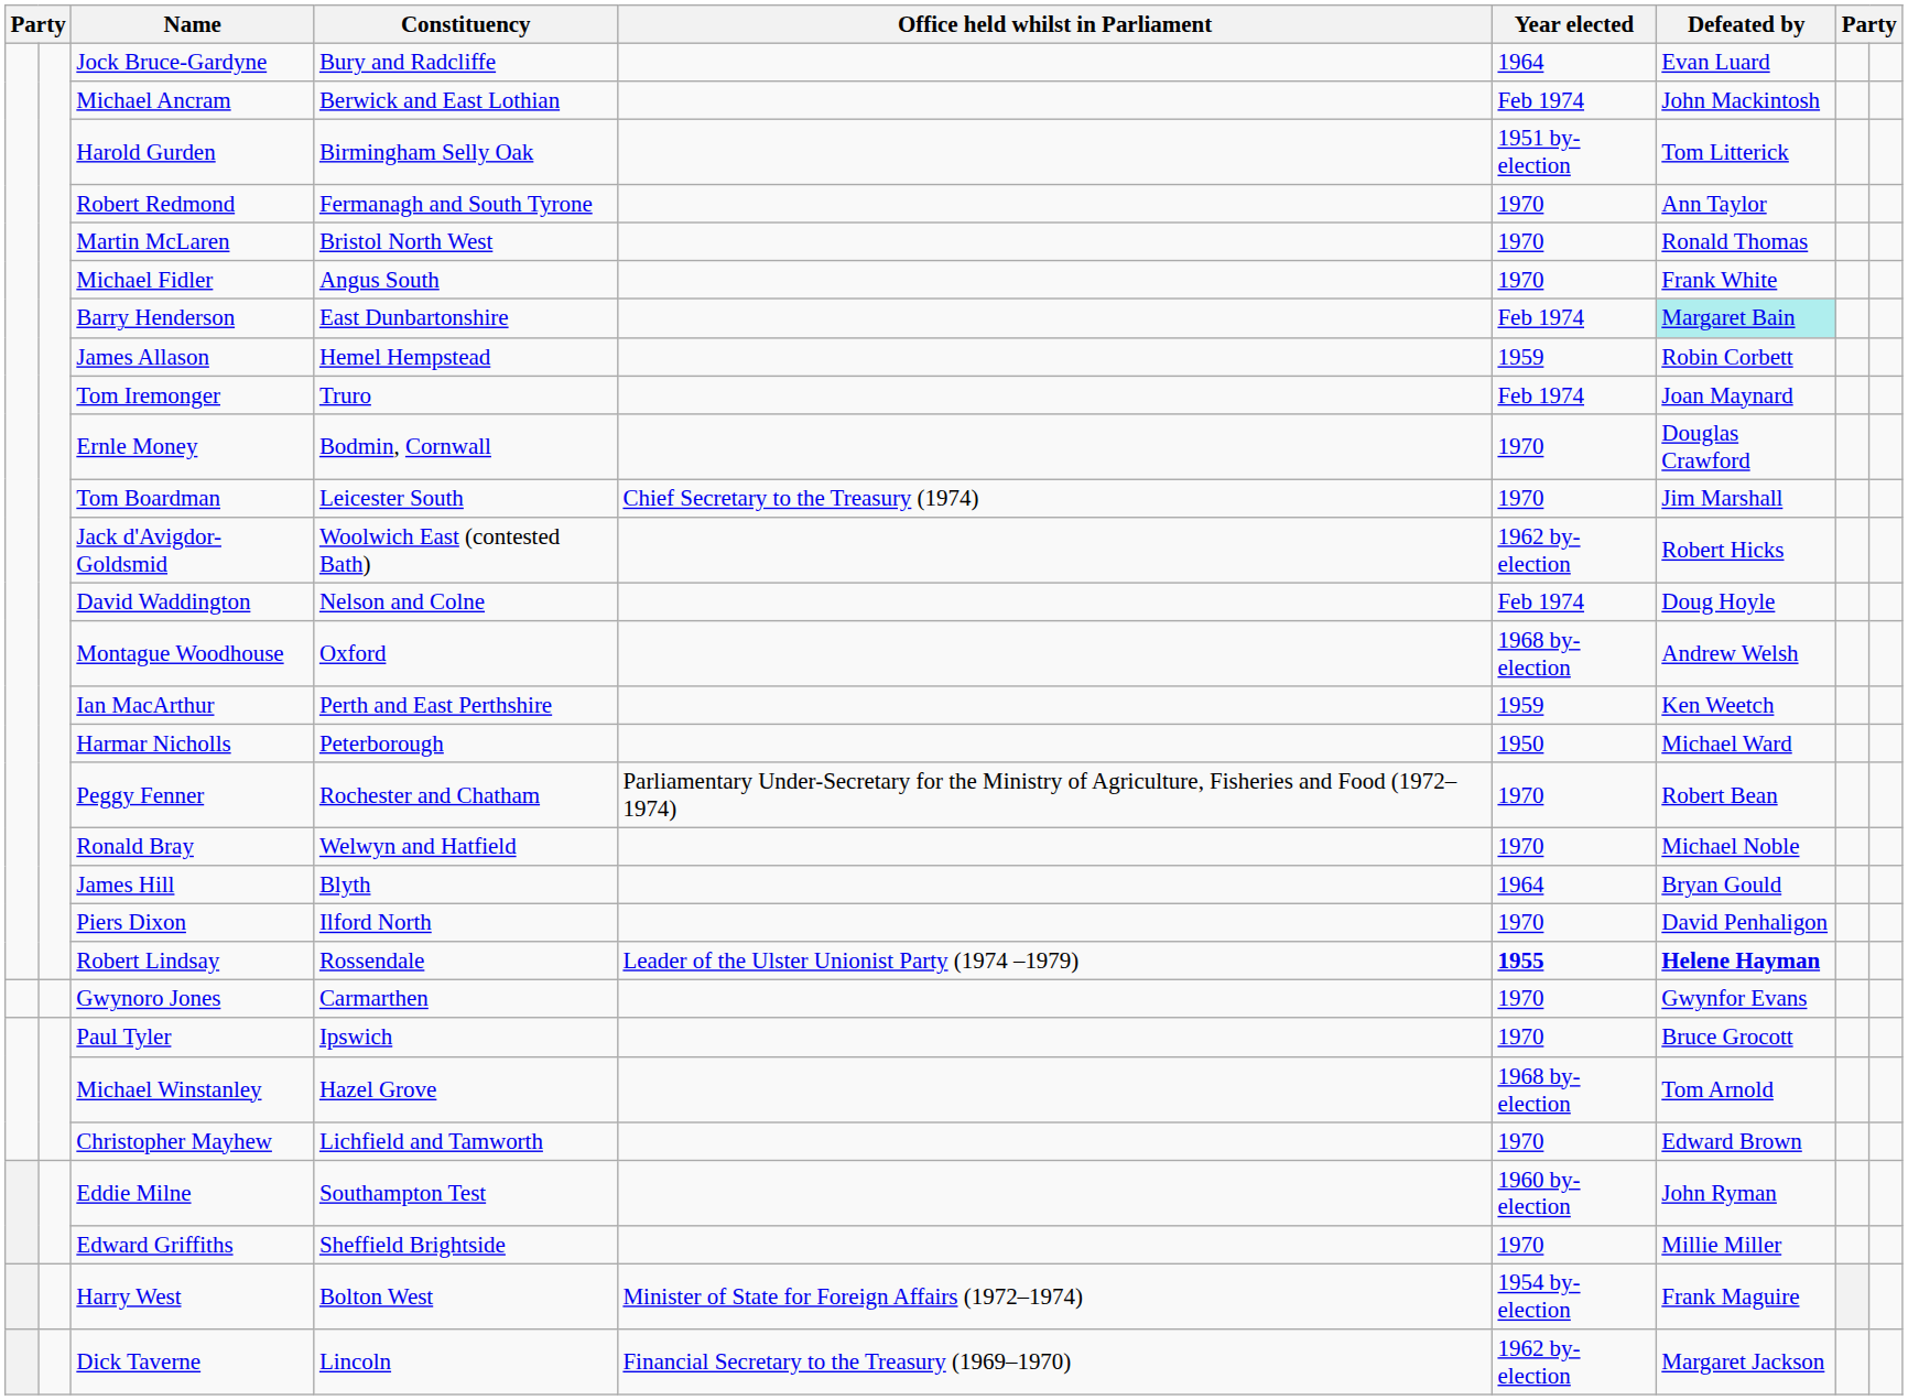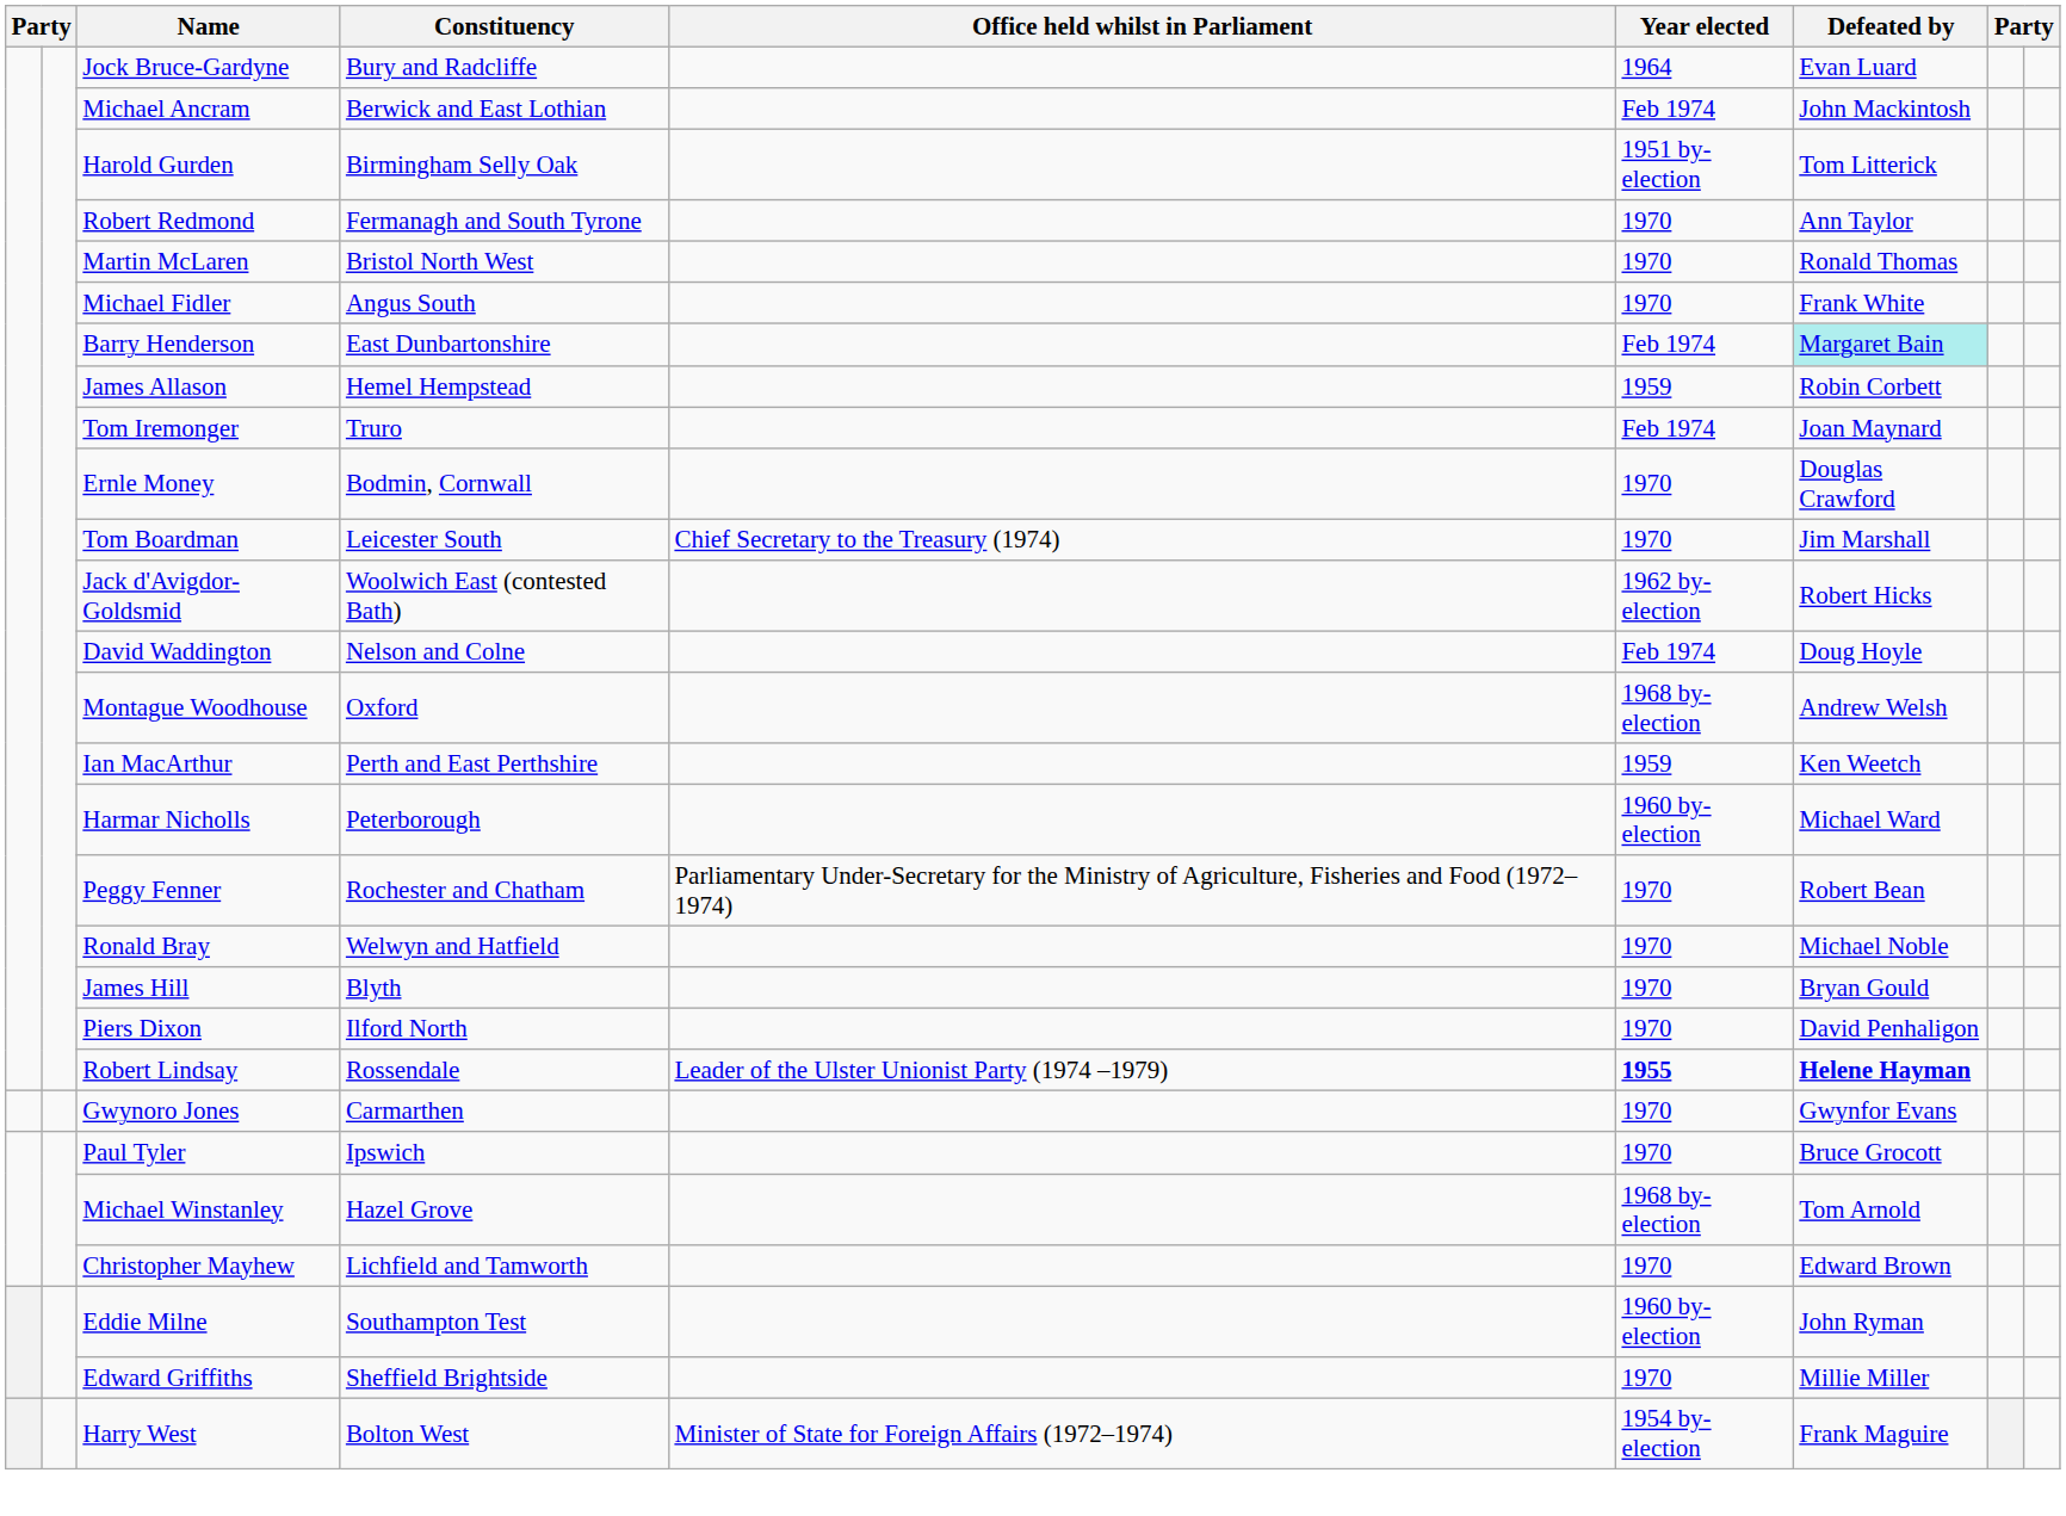 <table class="wikitable sortable" style="font-size: 95%;">
 <tr>
 <th colspan="2">Party</th>
 <th>Name</th>
 <th>Constituency</th>
 <th>Office held whilst in Parliament</th>
 <th>Year elected</th>
 <th>Defeated by</th>
 <th colspan="2">Party</th>
 </tr>
 <tr>
 <td rowspan="21" style="background-color: "></td>
 <td rowspan="21"></td>
 <td><a href='#'>Jock Bruce-Gardyne</a></td>
 <td><a href='#'>Bury and Radcliffe</a></td>
 <td></td>
 <td><a href='#'>1964</a></td>
 <td><a href='#'>Evan Luard</a></td>
 <td style="background-color: "></td>
 <td></td>
 </tr>
 <tr>
 <td><a href='#'>Michael Ancram</a></td>
 <td><a href='#'>Berwick and East Lothian</a></td>
 <td></td>
 <td><a href='#'>Feb 1974</a></td>
 <td><a href='#'>John Mackintosh</a></td>
 <td style="background-color: "></td>
 <td></td>
 </tr>
 <tr>
 <td><a href='#'>Harold Gurden</a></td>
 <td><a href='#'>Birmingham Selly Oak</a></td>
 <td></td>
 <td><a href='#'>1951 by-election</a></td>
 <td><a href='#'>Tom Litterick</a></td>
 <td style="background-color: "></td>
 <td></td>
 </tr>
 <tr>
 <td><a href='#'>Robert Redmond</a></td>
 <td><a href='#'>Fermanagh and South Tyrone</a></td>
 <td></td>
 <td><a href='#'>1970</a></td>
 <td><a href='#'>Ann Taylor</a></td>
 <td style="background-color: "></td>
 <td></td>
 </tr>
 <tr>
 <td><a href='#'>Martin McLaren</a></td>
 <td><a href='#'>Bristol North West</a></td>
 <td></td>
 <td><a href='#'>1970</a></td>
 <td><a href='#'>Ronald Thomas</a></td>
 <td style="background-color: "></td>
 <td></td>
 </tr>
 <tr>
 <td><a href='#'>Michael Fidler</a></td>
 <td><a href='#'>Angus South</a></td>
 <td></td>
 <td><a href='#'>1970</a></td>
 <td><a href='#'>Frank White</a></td>
 <td style="background-color: "></td>
 <td></td>
 </tr>
 <tr>
 <td><a href='#'>Barry Henderson</a></td>
 <td><a href='#'>East Dunbartonshire</a></td>
 <td></td>
 <td><a href='#'>Feb 1974</a></td>
 <td style="background: paleturquoise;"><a href='#'>Margaret Bain</a></td>
 <td style="background-color: "></td>
 <td></td>
 </tr>
 <tr>
 <td><a href='#'>James Allason</a></td>
 <td><a href='#'>Hemel Hempstead</a></td>
 <td></td>
 <td><a href='#'>1959</a></td>
 <td><a href='#'>Robin Corbett</a></td>
 <td style="background-color: "></td>
 <td></td>
 </tr>
 <tr>
 <td><a href='#'>Tom Iremonger</a></td>
 <td><a href='#'>Truro</a></td>
 <td></td>
 <td><a href='#'>Feb 1974</a></td>
 <td><a href='#'>Joan Maynard</a></td>
 <td style="background-color: "></td>
 <td></td>
 </tr>
 <tr>
 <td><a href='#'>Ernle Money</a></td>
 <td><a href='#'>Bodmin</a>, <a href='#'>Cornwall</a></td>
 <td></td>
 <td><a href='#'>1970</a></td>
 <td><a href='#'>Douglas Crawford</a></td>
 <td style="background-color: "></td>
 <td></td>
 </tr>
 <tr>
 <td><a href='#'>Tom Boardman</a></td>
 <td><a href='#'>Leicester South</a></td>
 <td><a href='#'>Chief Secretary to the Treasury</a> (1974)</td>
 <td><a href='#'>1970</a></td>
 <td><a href='#'>Jim Marshall</a></td>
 <td style="background-color: "></td>
 <td></td>
 </tr>
 <tr>
 <td><a href='#'>Jack d'Avigdor-Goldsmid</a></td>
 <td><a href='#'>Woolwich East</a> (contested <a href='#'>Bath</a>)</td>
 <td></td>
 <td><a href='#'>1962 by-election</a></td>
 <td><a href='#'>Robert Hicks</a></td>
 <td style="background-color: "></td>
 <td></td>
 </tr>
 <tr>
 <td><a href='#'>David Waddington</a></td>
 <td><a href='#'>Nelson and Colne</a></td>
 <td></td>
 <td><a href='#'>Feb 1974</a></td>
 <td><a href='#'>Doug Hoyle</a></td>
 <td style="background-color: "></td>
 <td></td>
 </tr>
 <tr>
 <td><a href='#'>Montague Woodhouse</a></td>
 <td><a href='#'>Oxford</a></td>
 <td></td>
 <td><a href='#'>1968 by-election</a></td>
 <td><a href='#'>Andrew Welsh</a></td>
 <td style="background-color: "></td>
 <td></td>
 </tr>
 <tr>
 <td><a href='#'>Ian MacArthur</a></td>
 <td><a href='#'>Perth and East Perthshire</a></td>
 <td></td>
 <td><a href='#'>1959</a></td>
 <td><a href='#'>Ken Weetch</a></td>
 <td style="background-color: "></td>
 <td></td>
 </tr>
 <tr>
 <td><a href='#'>Harmar Nicholls</a></td>
 <td><a href='#'>Peterborough</a></td>
 <td></td>
-<td><a href='#'>1950</a></td>
+<td><a href='#'>1960 by-election</a></td>
 <td><a href='#'>Michael Ward</a></td>
 <td style="background-color: "></td>
 <td></td>
 </tr>
 <tr>
 <td><a href='#'>Peggy Fenner</a></td>
 <td><a href='#'>Rochester and Chatham</a></td>
 <td>Parliamentary Under-Secretary for the Ministry of Agriculture, Fisheries and Food (1972–1974)</td>
 <td><a href='#'>1970</a></td>
 <td><a href='#'>Robert Bean</a></td>
 <td style="background-color: "></td>
 <td></td>
 </tr>
 <tr>
 <td><a href='#'>Ronald Bray</a></td>
 <td><a href='#'>Welwyn and Hatfield</a></td>
 <td></td>
 <td><a href='#'>1970</a></td>
 <td><a href='#'>Michael Noble</a></td>
 <td style="background-color: "></td>
 <td></td>
 </tr>
 <tr>
 <td><a href='#'>James Hill</a></td>
 <td><a href='#'>Blyth</a></td>
 <td></td>
-<td><a href='#'>1964</a></td>
+<td><a href='#'>1970</a></td>
 <td><a href='#'>Bryan Gould</a></td>
 <td style="background-color: "></td>
 <td></td>
 </tr>
 <tr>
 <td><a href='#'>Piers Dixon</a></td>
 <td><a href='#'>Ilford North</a></td>
 <td></td>
 <td><a href='#'>1970</a></td>
 <td><a href='#'>David Penhaligon</a></td>
 <td style="background-color: "></td>
 <td></td>
 </tr>
 <tr>
 <td><a href='#'>Robert Lindsay</a></td>
 <td><a href='#'>Rossendale</a></td>
 <td><a href='#'>Leader of the Ulster Unionist Party</a> (1974 –1979)</td>
 <td><strong><a href='#'>1955</a></strong></td>
 <td><strong><a href='#'>Helene Hayman</a></strong></td>
 <td style="background-color: "></td>
 <td></td>
 </tr>
 <tr>
 <td rowspan="1" style="background-color: "></td>
 <td rowspan="1"></td>
 <td><a href='#'>Gwynoro Jones</a></td>
 <td><a href='#'>Carmarthen</a></td>
 <td></td>
 <td><a href='#'>1970</a></td>
 <td><a href='#'>Gwynfor Evans</a></td>
 <td style="background-color: "></td>
 <td></td>
 </tr>
 <tr>
 <td rowspan="3" style="background-color: "></td>
 <td rowspan="3"></td>
 <td><a href='#'>Paul Tyler</a></td>
 <td><a href='#'>Ipswich</a></td>
 <td></td>
 <td><a href='#'>1970</a></td>
 <td><a href='#'>Bruce Grocott</a></td>
 <td style="background-color: "></td>
 <td></td>
 </tr>
 <tr>
 <td><a href='#'>Michael Winstanley</a></td>
 <td><a href='#'>Hazel Grove</a></td>
 <td></td>
 <td><a href='#'>1968 by-election</a></td>
 <td><a href='#'>Tom Arnold</a></td>
 <td style="background-color: "></td>
 <td></td>
 </tr>
 <tr>
 <td><a href='#'>Christopher Mayhew</a></td>
 <td><a href='#'>Lichfield and Tamworth</a></td>
 <td></td>
 <td><a href='#'>1970</a></td>
 <td><a href='#'>Edward Brown</a></td>
 <td style="background-color: "></td>
 <td></td>
 </tr>
 <tr>
 <th rowspan=2 style="background-color: "></th>
 <td rowspan=2></td>
 <td><a href='#'>Eddie Milne</a></td>
 <td><a href='#'>Southampton Test</a></td>
 <td></td>
 <td><a href='#'>1960 by-election</a></td>
 <td><a href='#'>John Ryman</a></td>
 <td style="background-color: "></td>
 <td></td>
 </tr>
 <tr>
 <td><a href='#'>Edward Griffiths</a></td>
 <td><a href='#'>Sheffield Brightside</a></td>
 <td></td>
 <td><a href='#'>1970</a></td>
 <td><a href='#'>Millie Miller</a></td>
 <td style="background-color: "></td>
 <td></td>
 </tr>
 <tr>
 <th rowspan=1 style="background-color: "></th>
 <td rowspan=1></td>
 <td><a href='#'>Harry West</a></td>
 <td><a href='#'>Bolton West</a></td>
 <td><a href='#'>Minister of State for Foreign Affairs</a> (1972–1974)</td>
 <td><a href='#'>1954 by-election</a></td>
 <td><a href='#'>Frank Maguire</a></td>
 <th style="background-color: "></th>
 <td></td>
 </tr>
-<tr>
-<th rowspan=1 style="background-color: "></th>
-<td rowspan=1></td>
-<td><a href='#'>Dick Taverne</a></td>
-<td><a href='#'>Lincoln</a></td>
-<td><a href='#'>Financial Secretary to the Treasury</a> (1969–1970)</td>
-<td><a href='#'>1962 by-election</a></td>
-<td><a href='#'>Margaret Jackson</a></td>
-<td style="background-color: "></td>
-<td></td>
-</tr>
 </table>
